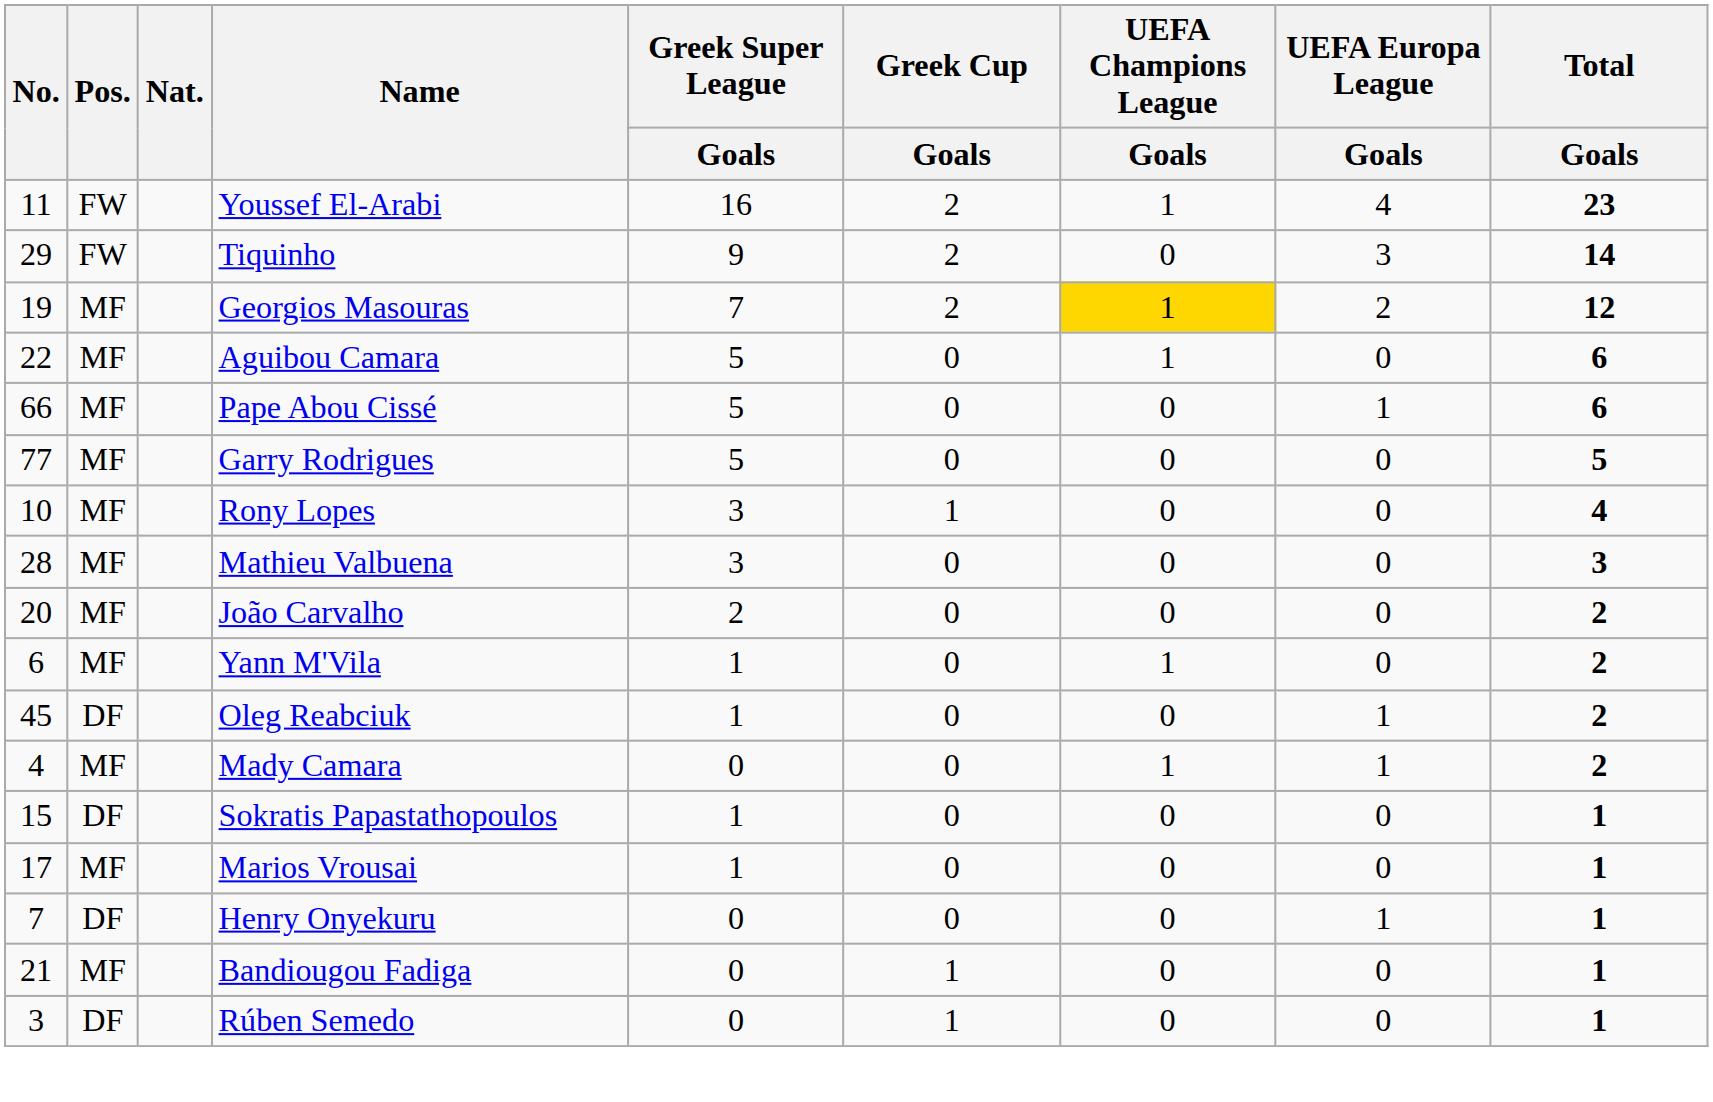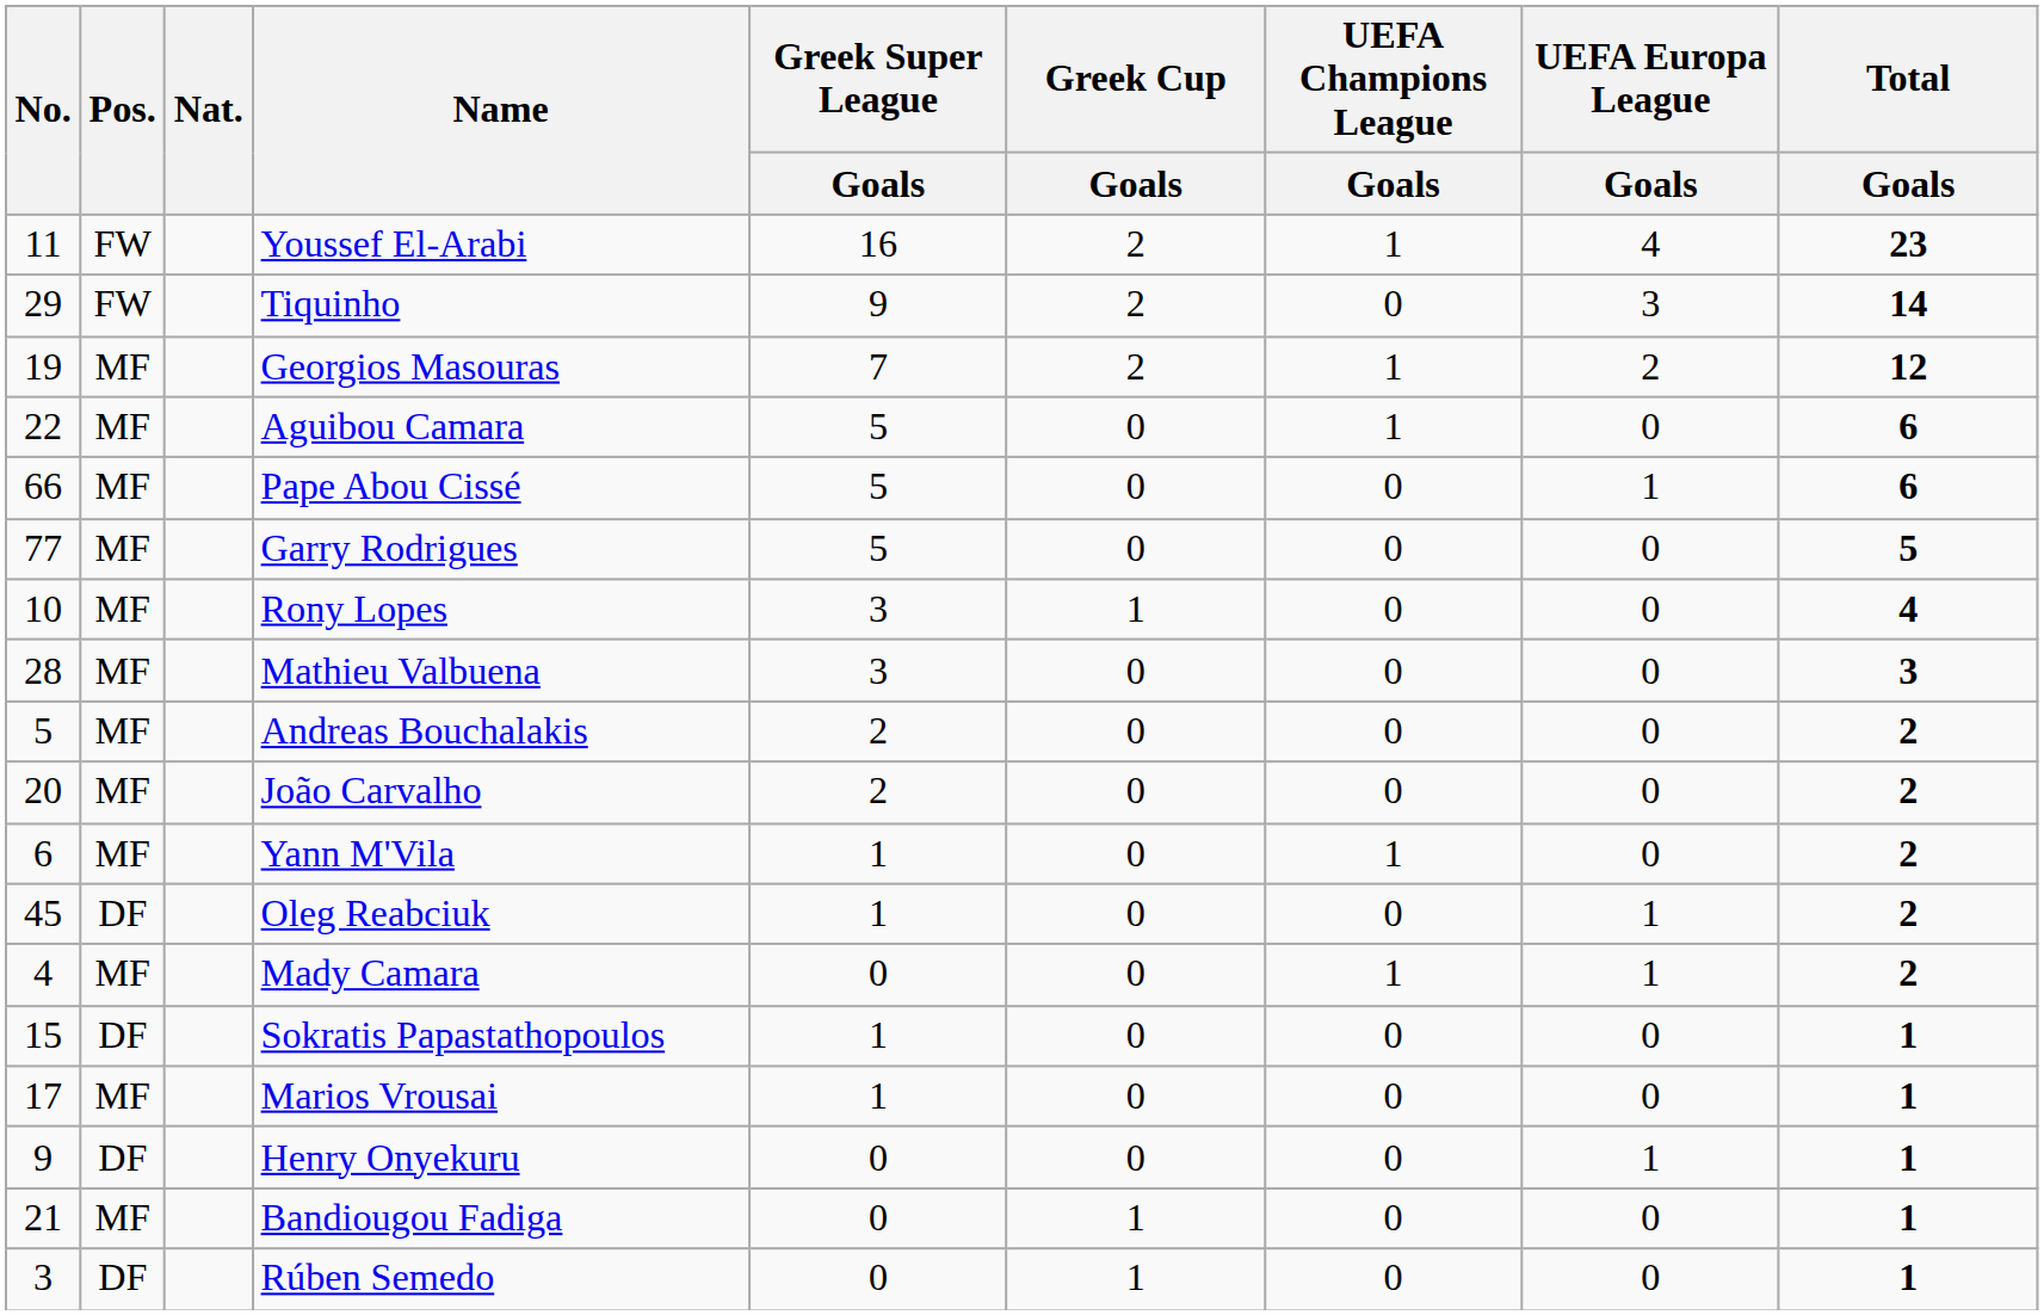 <table class="wikitable sortable" style="text-align:center">
 <tr>
 <th style="text-align:center;" rowspan="2">No.</th>
 <th style="text-align:center;" rowspan="2">Pos.</th>
 <th style="text-align:center;" rowspan="2">Nat.</th>
 <th style="text-align:center; width:200px;" rowspan="2">Name</th>
 <th style="text-align:center; width:100px;">Greek Super League</th>
 <th style="text-align:center; width:100px;">Greek Cup</th>
 <th style="text-align:center; width:100px;">UEFA Champions League</th>
 <th style="text-align:center; width:100px;">UEFA Europa League</th>
 <th style="text-align:center; width:100px;">Total</th>
 </tr>
 <tr>
 <th style="text-align:center;">Goals</th>
 <th style="text-align:center;">Goals</th>
 <th style="text-align:center;">Goals</th>
 <th style="text-align:center;">Goals</th>
 <th style="text-align:center;">Goals</th>
 </tr>
 <tr>
 <td>11</td>
 <td>FW</td>
 <td></td>
 <td align=left><a href='#'>Youssef El-Arabi</a></td>
 <td>16</td>
 <td>2</td>
 <td>1</td>
 <td>4</td>
 <td><strong>23</strong></td>
 </tr>
 <tr>
 <td>29</td>
 <td>FW</td>
 <td></td>
 <td align=left><a href='#'>Tiquinho</a></td>
 <td>9</td>
 <td>2</td>
 <td>0</td>
 <td>3</td>
 <td><strong>14</strong></td>
 </tr>
 <tr>
 <td>19</td>
 <td>MF</td>
 <td></td>
 <td align=left><a href='#'>Georgios Masouras</a></td>
 <td>7</td>
 <td>2</td>
-<td style="background: gold;">1</td>
+<td>1</td>
 <td>2</td>
 <td><strong>12</strong></td>
 </tr>
 <tr>
 <td>22</td>
 <td>MF</td>
 <td></td>
 <td align=left><a href='#'>Aguibou Camara</a></td>
 <td>5</td>
 <td>0</td>
 <td>1</td>
 <td>0</td>
 <td><strong>6</strong></td>
 </tr>
 <tr>
 <td>66</td>
 <td>MF</td>
 <td></td>
 <td align=left><a href='#'>Pape Abou Cissé</a></td>
 <td>5</td>
 <td>0</td>
 <td>0</td>
 <td>1</td>
 <td><strong>6</strong></td>
 </tr>
 <tr>
 <td>77</td>
 <td>MF</td>
 <td></td>
 <td align=left><a href='#'>Garry Rodrigues</a></td>
 <td>5</td>
 <td>0</td>
 <td>0</td>
 <td>0</td>
 <td><strong>5</strong></td>
 </tr>
 <tr>
 <td>10</td>
 <td>MF</td>
 <td></td>
 <td align=left><a href='#'>Rony Lopes</a></td>
 <td>3</td>
 <td>1</td>
 <td>0</td>
 <td>0</td>
 <td><strong>4</strong></td>
 </tr>
 <tr>
 <td>28</td>
 <td>MF</td>
 <td></td>
 <td align=left><a href='#'>Mathieu Valbuena</a></td>
 <td>3</td>
 <td>0</td>
 <td>0</td>
 <td>0</td>
 <td><strong>3</strong></td>
+</tr>
+<tr>
+<td>5</td>
+<td>MF</td>
+<td></td>
+<td align=left><a href='#'>Andreas Bouchalakis</a></td>
+<td>2</td>
+<td>0</td>
+<td>0</td>
+<td>0</td>
+<td><strong>2</strong></td>
 </tr>
 <tr>
 <td>20</td>
 <td>MF</td>
 <td></td>
 <td align=left><a href='#'>João Carvalho</a></td>
 <td>2</td>
 <td>0</td>
 <td>0</td>
 <td>0</td>
 <td><strong>2</strong></td>
 </tr>
 <tr>
 <td>6</td>
 <td>MF</td>
 <td></td>
 <td align=left><a href='#'>Yann M'Vila</a></td>
 <td>1</td>
 <td>0</td>
 <td>1</td>
 <td>0</td>
 <td><strong>2</strong></td>
 </tr>
 <tr>
 <td>45</td>
 <td>DF</td>
 <td></td>
 <td align=left><a href='#'>Oleg Reabciuk</a></td>
 <td>1</td>
 <td>0</td>
 <td>0</td>
 <td>1</td>
 <td><strong>2</strong></td>
 </tr>
 <tr>
 <td>4</td>
 <td>MF</td>
 <td></td>
 <td align=left><a href='#'>Mady Camara</a></td>
 <td>0</td>
 <td>0</td>
 <td>1</td>
 <td>1</td>
 <td><strong>2</strong></td>
 </tr>
 <tr>
 <td>15</td>
 <td>DF</td>
 <td></td>
 <td align=left><a href='#'>Sokratis Papastathopoulos</a></td>
 <td>1</td>
 <td>0</td>
 <td>0</td>
 <td>0</td>
 <td><strong>1</strong></td>
 </tr>
 <tr>
 <td>17</td>
 <td>MF</td>
 <td></td>
 <td align=left><a href='#'>Marios Vrousai</a></td>
 <td>1</td>
 <td>0</td>
 <td>0</td>
 <td>0</td>
 <td><strong>1</strong></td>
 </tr>
 <tr>
-<td>7</td>
+<td>9</td>
 <td>DF</td>
 <td></td>
 <td align=left><a href='#'>Henry Onyekuru</a></td>
 <td>0</td>
 <td>0</td>
 <td>0</td>
 <td>1</td>
 <td><strong>1</strong></td>
 </tr>
 <tr>
 <td>21</td>
 <td>MF</td>
 <td></td>
 <td align=left><a href='#'>Bandiougou Fadiga</a></td>
 <td>0</td>
 <td>1</td>
 <td>0</td>
 <td>0</td>
 <td><strong>1</strong></td>
 </tr>
 <tr>
 <td>3</td>
 <td>DF</td>
 <td></td>
 <td align=left><a href='#'>Rúben Semedo</a></td>
 <td>0</td>
 <td>1</td>
 <td>0</td>
 <td>0</td>
 <td><strong>1</strong></td>
 </tr>
 </table>
